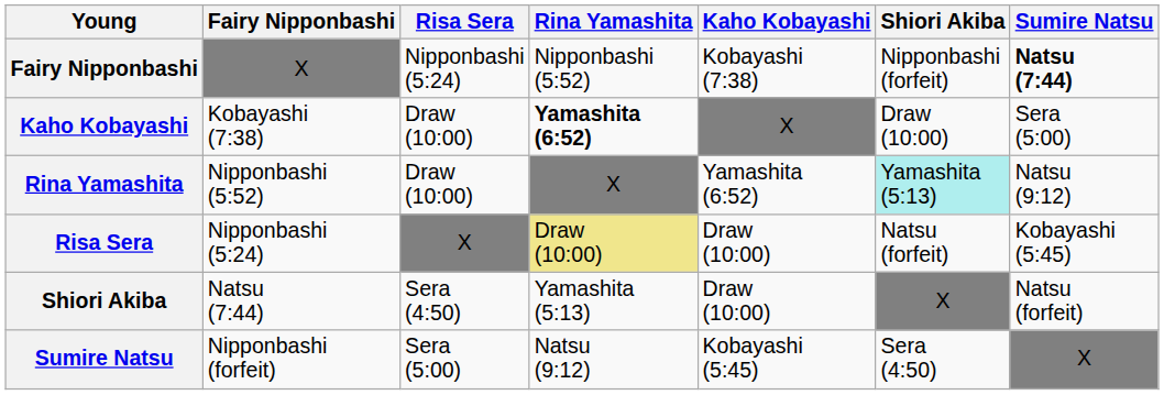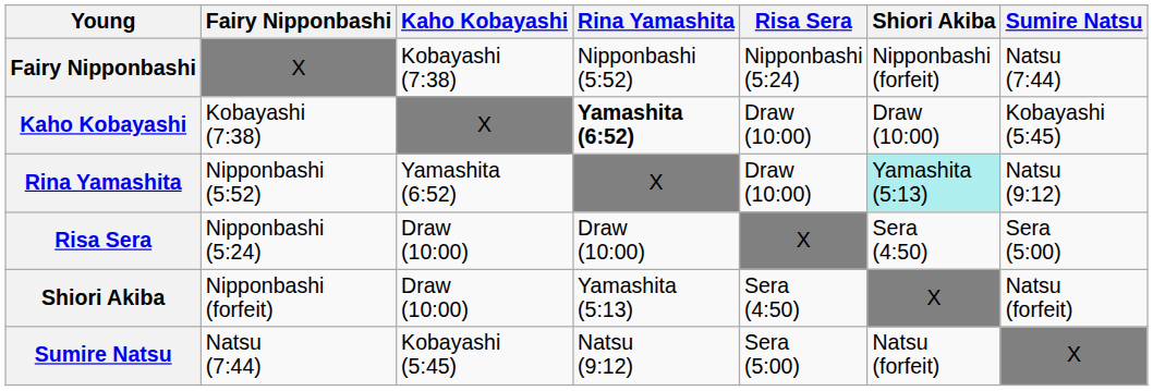 <table class="wikitable" align=center style="margin: 1em auto 1em auto">
 <tr>
 <th>Young</th>
 <th>Fairy Nipponbashi</th>
+<th><a href='#'>Kaho Kobayashi</a></th>
+<th><a href='#'>Rina Yamashita</a></th>
 <th><a href='#'>Risa Sera</a></th>
-<th><a href='#'>Rina Yamashita</a></th>
-<th><a href='#'>Kaho Kobayashi</a></th>
 <th>Shiori Akiba</th>
 <th><a href='#'>Sumire Natsu</a></th>
 </tr>
 <tr>
 <th>Fairy Nipponbashi</th>
 <td bgcolor=grey align="center">X</td>
+<td>Kobayashi<br>(7:38)</td>
+<td>Nipponbashi<br>(5:52)</td>
 <td>Nipponbashi<br>(5:24)</td>
-<td>Nipponbashi<br>(5:52)</td>
-<td>Kobayashi<br>(7:38)</td>
 <td>Nipponbashi<br>(forfeit)</td>
-<td><strong>Natsu<br>(7:44)</strong></td>
+<td>Natsu<br>(7:44)</td>
 </tr>
 <tr>
 <th><a href='#'>Kaho Kobayashi</a></th>
 <td>Kobayashi<br>(7:38)</td>
+<td bgcolor=grey align="center">X</td>
+<td><strong>Yamashita<br>(6:52)</strong></td>
 <td>Draw<br>(10:00)</td>
-<td><strong>Yamashita<br>(6:52)</strong></td>
-<td bgcolor=grey align="center">X</td>
 <td>Draw<br>(10:00)</td>
-<td>Sera<br>(5:00)</td>
+<td>Kobayashi<br>(5:45)</td>
 </tr>
 <tr>
 <th><a href='#'>Rina Yamashita</a></th>
 <td>Nipponbashi<br>(5:52)</td>
+<td>Yamashita<br>(6:52)</td>
+<td bgcolor=grey align="center">X</td>
 <td>Draw<br>(10:00)</td>
-<td bgcolor=grey align="center">X</td>
-<td>Yamashita<br>(6:52)</td>
 <td style="background: paleturquoise;">Yamashita<br>(5:13)</td>
 <td>Natsu<br>(9:12)</td>
 </tr>
 <tr>
 <th><a href='#'>Risa Sera</a></th>
 <td>Nipponbashi<br>(5:24)</td>
+<td>Draw<br>(10:00)</td>
+<td>Draw<br>(10:00)</td>
 <td bgcolor=grey align="center">X</td>
-<td style="background: khaki;">Draw<br>(10:00)</td>
-<td>Draw<br>(10:00)</td>
-<td>Natsu<br>(forfeit)</td>
-<td>Kobayashi<br>(5:45)</td>
+<td>Sera<br>(4:50)</td>
+<td>Sera<br>(5:00)</td>
 </tr>
 <tr>
 <th>Shiori Akiba</th>
-<td>Natsu<br>(7:44)</td>
+<td>Nipponbashi<br>(forfeit)</td>
+<td>Draw<br>(10:00)</td>
+<td>Yamashita<br>(5:13)</td>
 <td>Sera<br>(4:50)</td>
-<td>Yamashita<br>(5:13)</td>
-<td>Draw<br>(10:00)</td>
 <td bgcolor=grey align="center">X</td>
 <td>Natsu<br>(forfeit)</td>
 </tr>
 <tr>
 <th><a href='#'>Sumire Natsu</a></th>
-<td>Nipponbashi<br>(forfeit)</td>
+<td>Natsu<br>(7:44)</td>
+<td>Kobayashi<br>(5:45)</td>
+<td>Natsu<br>(9:12)</td>
 <td>Sera<br>(5:00)</td>
-<td>Natsu<br>(9:12)</td>
-<td>Kobayashi<br>(5:45)</td>
-<td>Sera<br>(4:50)</td>
+<td>Natsu<br>(forfeit)</td>
 <td bgcolor=grey align="center">X</td>
 </tr>
 </table>
